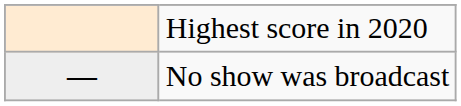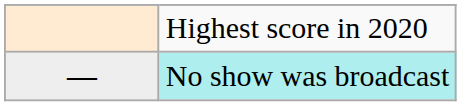 <table class="wikitable">
 <tr>
 <th width="75px" style="background:#FFEBD2; text-align:center" scope="row"></th>
 <td>Highest score in 2020</td>
 </tr>
 <tr>
 <th width="75px" style="background:#eee; text-align:center" scope="row">—</th>
-<td>No show was broadcast</td>
+<td style="background: paleturquoise;">No show was broadcast</td>
 </tr>
 </table>
